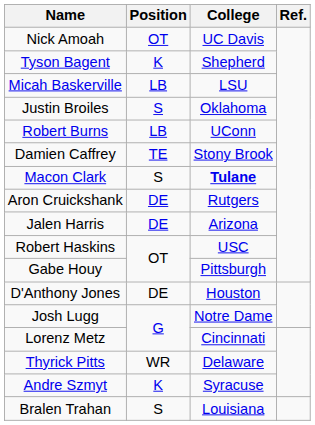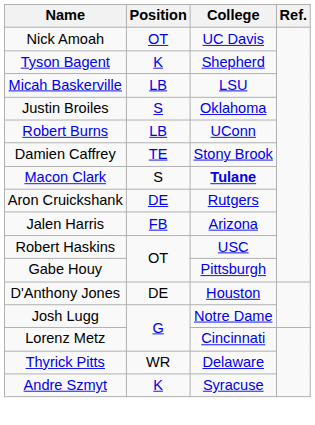 <table class="wikitable" style="text-align:center">
 <tr>
 <th>Name</th>
 <th>Position</th>
 <th>College</th>
 <th>Ref.</th>
 </tr>
 <tr>
 <td>Nick Amoah</td>
 <td><a href='#'>OT</a></td>
 <td><a href='#'>UC Davis</a></td>
 <td rowspan="11"></td>
 </tr>
 <tr>
 <td><a href='#'>Tyson Bagent</a></td>
 <td><a href='#'>K</a></td>
 <td><a href='#'>Shepherd</a></td>
 </tr>
 <tr>
 <td><a href='#'>Micah Baskerville</a></td>
 <td><a href='#'>LB</a></td>
 <td><a href='#'>LSU</a></td>
 </tr>
 <tr>
 <td>Justin Broiles</td>
 <td><a href='#'>S</a></td>
 <td><a href='#'>Oklahoma</a></td>
 </tr>
 <tr>
 <td><a href='#'>Robert Burns</a></td>
 <td><a href='#'>LB</a></td>
 <td><a href='#'>UConn</a></td>
 </tr>
 <tr>
 <td>Damien Caffrey</td>
 <td><a href='#'>TE</a></td>
 <td><a href='#'>Stony Brook</a></td>
 </tr>
 <tr>
 <td><a href='#'>Macon Clark</a></td>
 <td>S</td>
 <td><strong><a href='#'>Tulane</a></strong></td>
 </tr>
 <tr>
 <td>Aron Cruickshank</td>
 <td><a href='#'>DE</a></td>
 <td><a href='#'>Rutgers</a></td>
 </tr>
 <tr>
 <td>Jalen Harris</td>
-<td><a href='#'>DE</a></td>
+<td><a href='#'>FB</a></td>
 <td><a href='#'>Arizona</a></td>
 </tr>
 <tr>
 <td>Robert Haskins</td>
 <td rowspan="2">OT</td>
 <td><a href='#'>USC</a></td>
 </tr>
 <tr>
 <td>Gabe Houy</td>
 <td><a href='#'>Pittsburgh</a></td>
 </tr>
 <tr>
 <td>D'Anthony Jones</td>
 <td>DE</td>
 <td><a href='#'>Houston</a></td>
 <td rowspan="2"></td>
 </tr>
 <tr>
 <td>Josh Lugg</td>
 <td rowspan="2"><a href='#'>G</a></td>
 <td><a href='#'>Notre Dame</a></td>
 </tr>
 <tr>
 <td>Lorenz Metz</td>
 <td><a href='#'>Cincinnati</a></td>
 <td rowspan="3"></td>
 </tr>
 <tr>
 <td><a href='#'>Thyrick Pitts</a></td>
 <td>WR</td>
 <td><a href='#'>Delaware</a></td>
 </tr>
 <tr>
 <td><a href='#'>Andre Szmyt</a></td>
 <td><a href='#'>K</a></td>
 <td><a href='#'>Syracuse</a></td>
 </tr>
-<tr>
-<td>Bralen Trahan</td>
-<td>S</td>
-<td><a href='#'>Louisiana</a></td>
-<td></td>
-</tr>
 </table>
